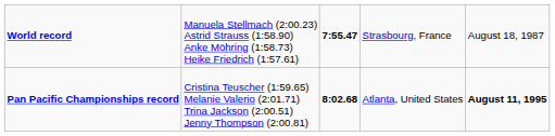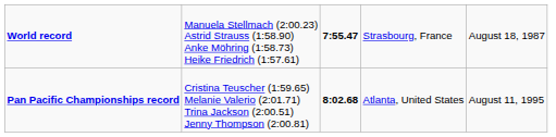 <table class="wikitable">
 <tr>
 <td><strong><a href='#'>World record</a></strong></td>
 <td><br><a href='#'>Manuela Stellmach</a> (2:00.23)<br><a href='#'>Astrid Strauss</a> (1:58.90)<br><a href='#'>Anke Möhring</a> (1:58.73)<br><a href='#'>Heike Friedrich</a> (1:57.61)</td>
 <td><strong>7:55.47</strong></td>
 <td><a href='#'>Strasbourg</a>, France</td>
 <td>August 18, 1987</td>
 </tr>
 <tr>
 <td><strong><a href='#'>Pan Pacific Championships record</a></strong></td>
 <td><br><a href='#'>Cristina Teuscher</a> (1:59.65)<br><a href='#'>Melanie Valerio</a> (2:01.71)<br><a href='#'>Trina Jackson</a> (2:00.51)<br><a href='#'>Jenny Thompson</a> (2:00.81)</td>
 <td><strong>8:02.68</strong></td>
 <td><a href='#'>Atlanta</a>, United States</td>
-<td><strong>August 11, 1995</strong></td>
+<td>August 11, 1995</td>
 </tr>
 </table>
